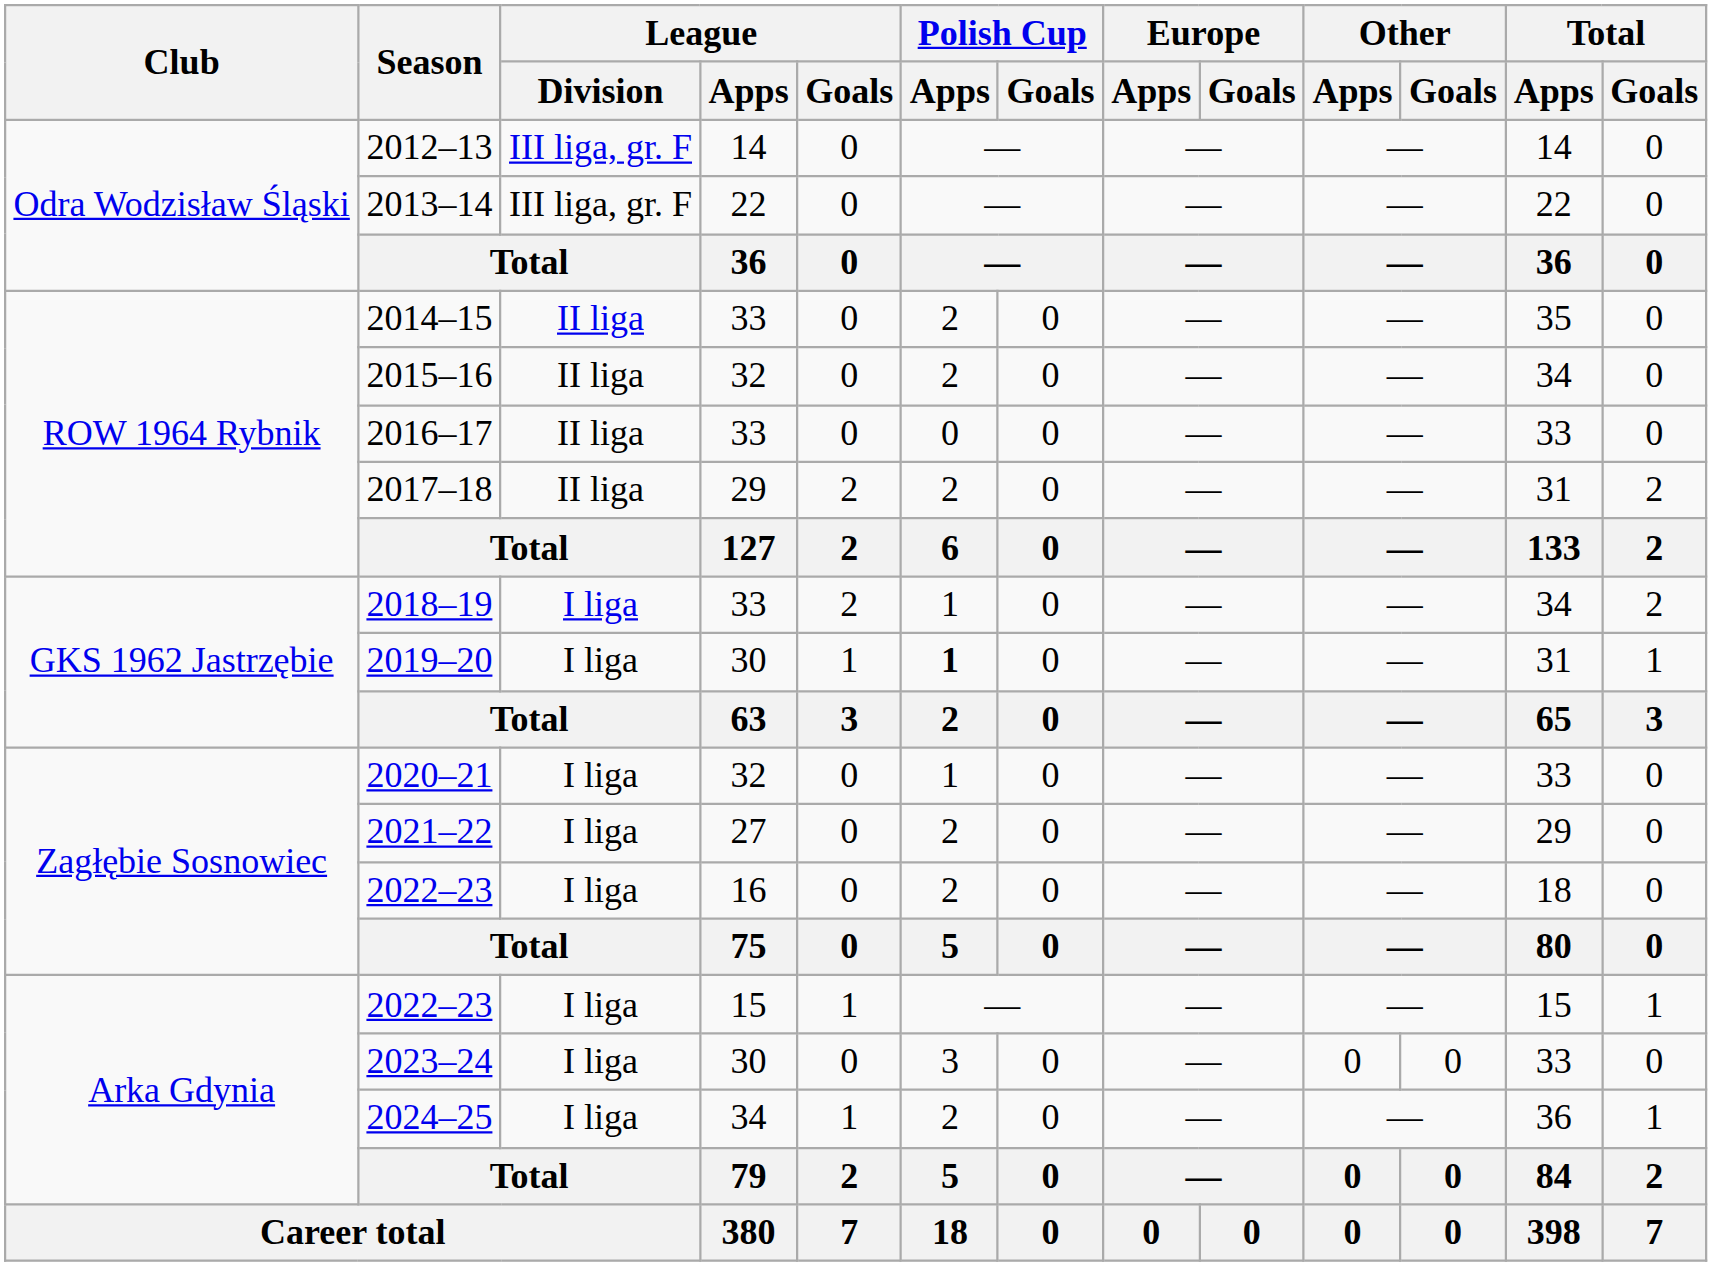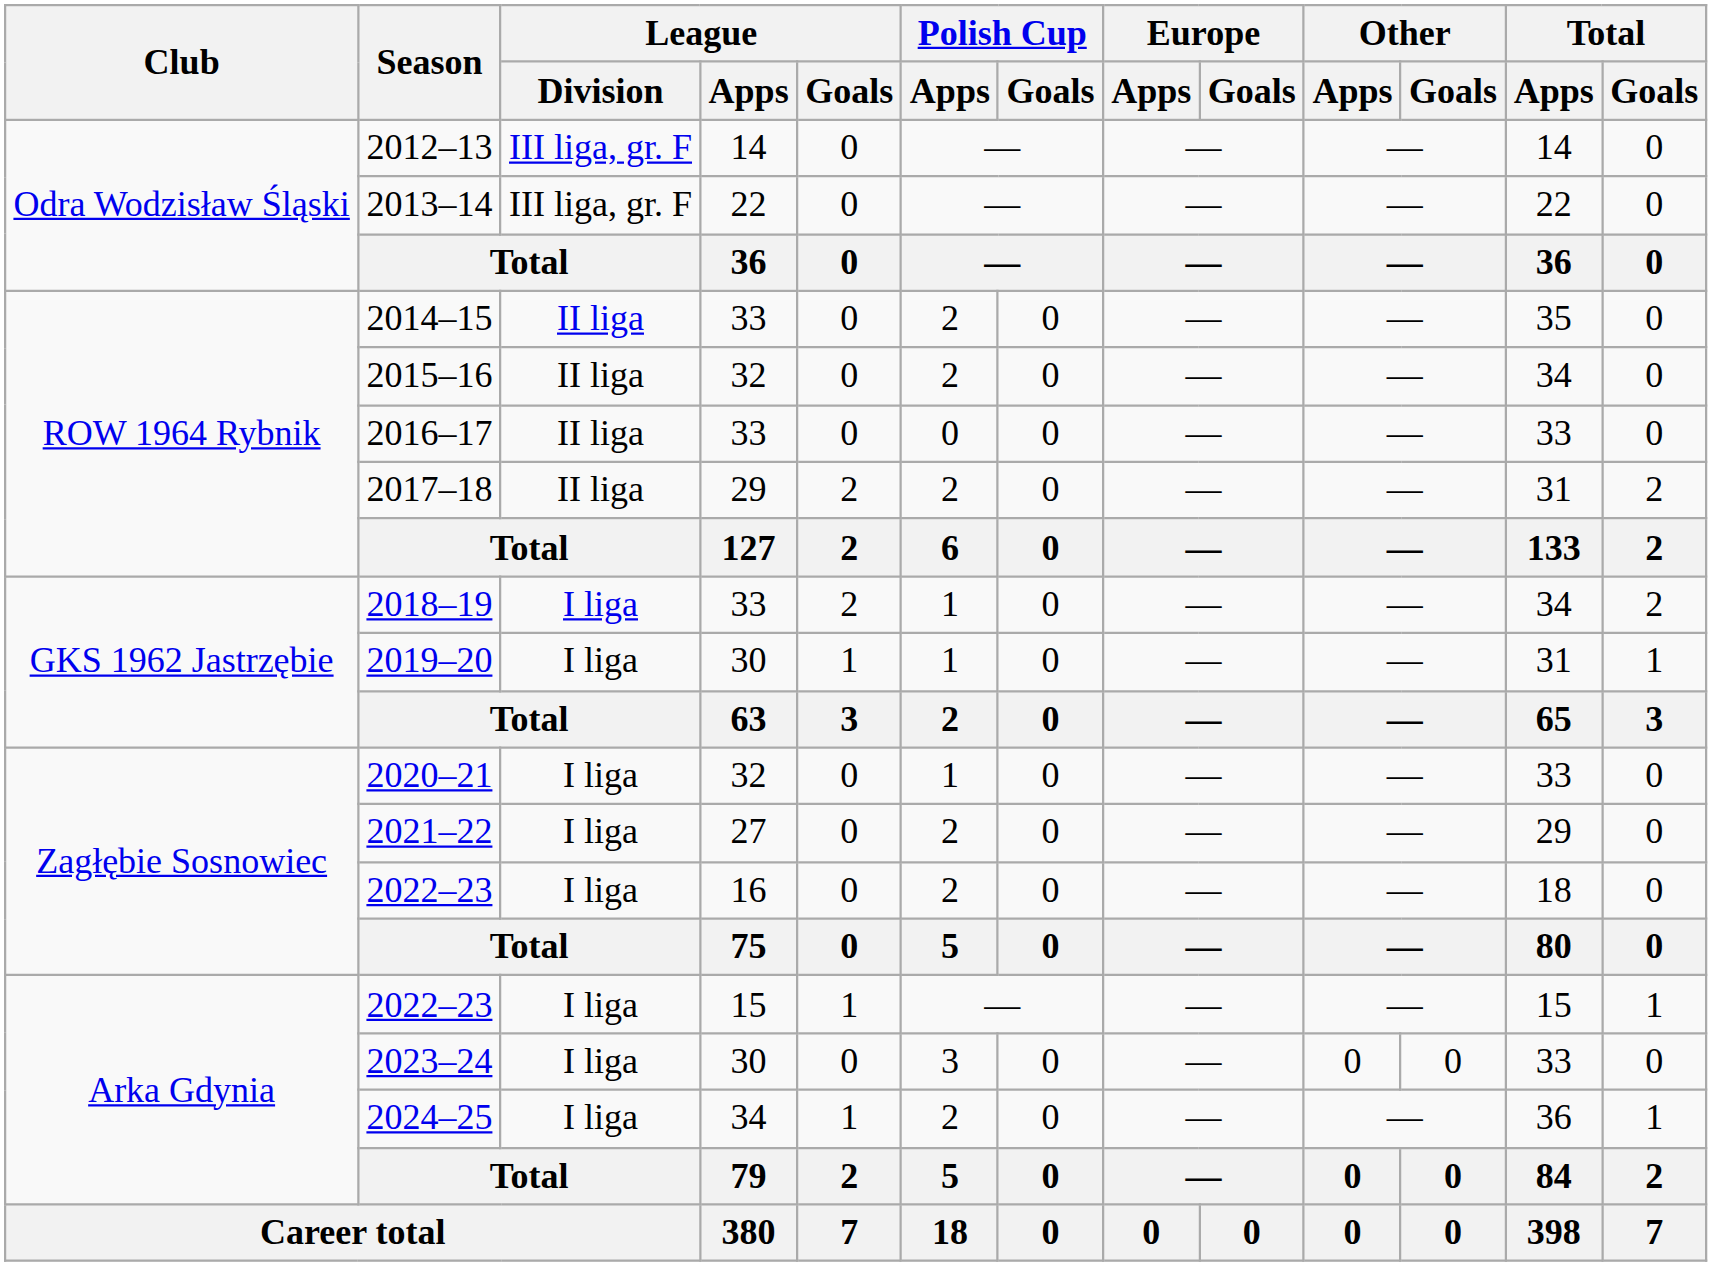 <table class="wikitable" style="text-align: center;">
 <tr>
 <th rowspan="2">Club</th>
 <th rowspan="2">Season</th>
 <th colspan="3">League</th>
 <th colspan="2"><a href='#'>Polish Cup</a></th>
 <th colspan="2">Europe</th>
 <th colspan="2">Other</th>
 <th colspan="2">Total</th>
 </tr>
 <tr>
 <th>Division</th>
 <th>Apps</th>
 <th>Goals</th>
 <th>Apps</th>
 <th>Goals</th>
 <th>Apps</th>
 <th>Goals</th>
 <th>Apps</th>
 <th>Goals</th>
 <th>Apps</th>
 <th>Goals</th>
 </tr>
 <tr>
 <td rowspan="3"><a href='#'>Odra Wodzisław Śląski</a></td>
 <td>2012–13</td>
 <td><a href='#'>III liga, gr. F</a></td>
 <td>14</td>
 <td>0</td>
 <td colspan="2">—</td>
 <td colspan="2">—</td>
 <td colspan="2">—</td>
 <td>14</td>
 <td>0</td>
 </tr>
 <tr>
 <td>2013–14</td>
 <td>III liga, gr. F</td>
 <td>22</td>
 <td>0</td>
 <td colspan="2">—</td>
 <td colspan="2">—</td>
 <td colspan="2">—</td>
 <td>22</td>
 <td>0</td>
 </tr>
 <tr>
 <th colspan="2">Total</th>
 <th>36</th>
 <th>0</th>
 <th colspan="2">—</th>
 <th colspan="2">—</th>
 <th colspan="2">—</th>
 <th>36</th>
 <th>0</th>
 </tr>
 <tr>
 <td rowspan="5"><a href='#'>ROW 1964 Rybnik</a></td>
 <td>2014–15</td>
 <td><a href='#'>II liga</a></td>
 <td>33</td>
 <td>0</td>
 <td>2</td>
 <td>0</td>
 <td colspan="2">—</td>
 <td colspan="2">—</td>
 <td>35</td>
 <td>0</td>
 </tr>
 <tr>
 <td>2015–16</td>
 <td>II liga</td>
 <td>32</td>
 <td>0</td>
 <td>2</td>
 <td>0</td>
 <td colspan="2">—</td>
 <td colspan="2">—</td>
 <td>34</td>
 <td>0</td>
 </tr>
 <tr>
 <td>2016–17</td>
 <td>II liga</td>
 <td>33</td>
 <td>0</td>
 <td>0</td>
 <td>0</td>
 <td colspan="2">—</td>
 <td colspan="2">—</td>
 <td>33</td>
 <td>0</td>
 </tr>
 <tr>
 <td>2017–18</td>
 <td>II liga</td>
 <td>29</td>
 <td>2</td>
 <td>2</td>
 <td>0</td>
 <td colspan="2">—</td>
 <td colspan="2">—</td>
 <td>31</td>
 <td>2</td>
 </tr>
 <tr>
 <th colspan="2">Total</th>
 <th>127</th>
 <th>2</th>
 <th>6</th>
 <th>0</th>
 <th colspan="2">—</th>
 <th colspan="2">—</th>
 <th>133</th>
 <th>2</th>
 </tr>
 <tr>
 <td rowspan="3"><a href='#'>GKS 1962 Jastrzębie</a></td>
 <td><a href='#'>2018–19</a></td>
 <td><a href='#'>I liga</a></td>
 <td>33</td>
 <td>2</td>
 <td>1</td>
 <td>0</td>
 <td colspan="2">—</td>
 <td colspan="2">—</td>
 <td>34</td>
 <td>2</td>
 </tr>
 <tr>
 <td><a href='#'>2019–20</a></td>
 <td>I liga</td>
 <td>30</td>
 <td>1</td>
-<td><strong>1</strong></td>
+<td>1</td>
 <td>0</td>
 <td colspan="2">—</td>
 <td colspan="2">—</td>
 <td>31</td>
 <td>1</td>
 </tr>
 <tr>
 <th colspan="2">Total</th>
 <th>63</th>
 <th>3</th>
 <th>2</th>
 <th>0</th>
 <th colspan="2">—</th>
 <th colspan="2">—</th>
 <th>65</th>
 <th>3</th>
 </tr>
 <tr>
 <td rowspan="4"><a href='#'>Zagłębie Sosnowiec</a></td>
 <td><a href='#'>2020–21</a></td>
 <td>I liga</td>
 <td>32</td>
 <td>0</td>
 <td>1</td>
 <td>0</td>
 <td colspan="2">—</td>
 <td colspan="2">—</td>
 <td>33</td>
 <td>0</td>
 </tr>
 <tr>
 <td><a href='#'>2021–22</a></td>
 <td>I liga</td>
 <td>27</td>
 <td>0</td>
 <td>2</td>
 <td>0</td>
 <td colspan="2">—</td>
 <td colspan="2">—</td>
 <td>29</td>
 <td>0</td>
 </tr>
 <tr>
 <td><a href='#'>2022–23</a></td>
 <td>I liga</td>
 <td>16</td>
 <td>0</td>
 <td>2</td>
 <td>0</td>
 <td colspan="2">—</td>
 <td colspan="2">—</td>
 <td>18</td>
 <td>0</td>
 </tr>
 <tr>
 <th colspan="2">Total</th>
 <th>75</th>
 <th>0</th>
 <th>5</th>
 <th>0</th>
 <th colspan="2">—</th>
 <th colspan="2">—</th>
 <th>80</th>
 <th>0</th>
 </tr>
 <tr>
 <td rowspan="4"><a href='#'>Arka Gdynia</a></td>
 <td><a href='#'>2022–23</a></td>
 <td>I liga</td>
 <td>15</td>
 <td>1</td>
 <td colspan="2">—</td>
 <td colspan="2">—</td>
 <td colspan="2">—</td>
 <td>15</td>
 <td>1</td>
 </tr>
 <tr>
 <td><a href='#'>2023–24</a></td>
 <td>I liga</td>
 <td>30</td>
 <td>0</td>
 <td>3</td>
 <td>0</td>
 <td colspan="2">—</td>
 <td>0</td>
 <td>0</td>
 <td>33</td>
 <td>0</td>
 </tr>
 <tr>
 <td><a href='#'>2024–25</a></td>
 <td>I liga</td>
 <td>34</td>
 <td>1</td>
 <td>2</td>
 <td>0</td>
 <td colspan="2">—</td>
 <td colspan="2">—</td>
 <td>36</td>
 <td>1</td>
 </tr>
 <tr>
 <th colspan="2">Total</th>
 <th>79</th>
 <th>2</th>
 <th>5</th>
 <th>0</th>
 <th colspan="2">—</th>
 <th>0</th>
 <th>0</th>
 <th>84</th>
 <th>2</th>
 </tr>
 <tr>
 <th colspan="3">Career total</th>
 <th>380</th>
 <th>7</th>
 <th>18</th>
 <th>0</th>
 <th>0</th>
 <th>0</th>
 <th>0</th>
 <th>0</th>
 <th>398</th>
 <th>7</th>
 </tr>
 </table>
